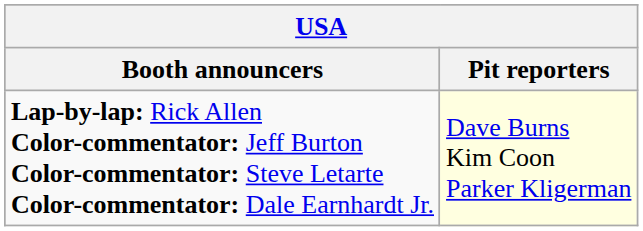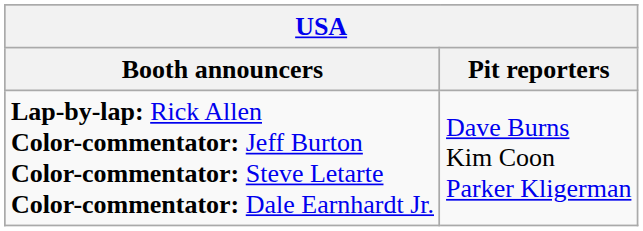 <table class="wikitable" style="font-size: 95%;">
 <tr>
 <th colspan="2"><a href='#'>USA</a></th>
 </tr>
 <tr>
 <th>Booth announcers</th>
 <th>Pit reporters</th>
 </tr>
 <tr>
 <td><strong>Lap-by-lap:</strong> <a href='#'>Rick Allen</a><br><strong>Color-commentator:</strong> <a href='#'>Jeff Burton</a><br><strong>Color-commentator:</strong> <a href='#'>Steve Letarte</a><br><strong>Color-commentator:</strong> <a href='#'>Dale Earnhardt Jr.</a></td>
-<td style="background: lightyellow;"><a href='#'>Dave Burns</a><br>Kim Coon<br><a href='#'>Parker Kligerman</a></td>
+<td><a href='#'>Dave Burns</a><br>Kim Coon<br><a href='#'>Parker Kligerman</a></td>
 </tr>
 </table>
